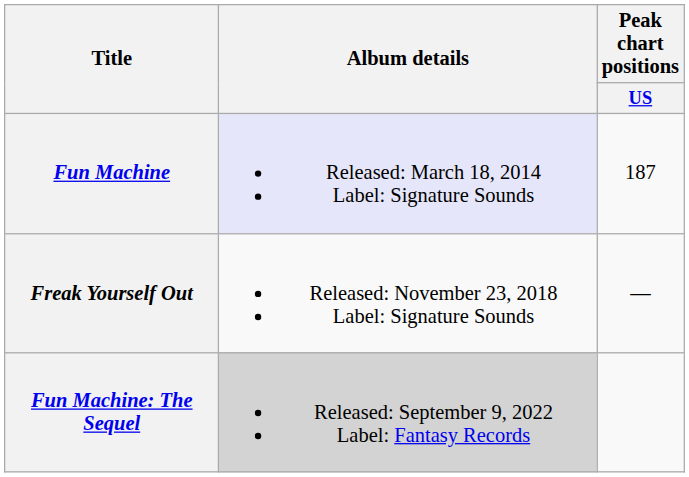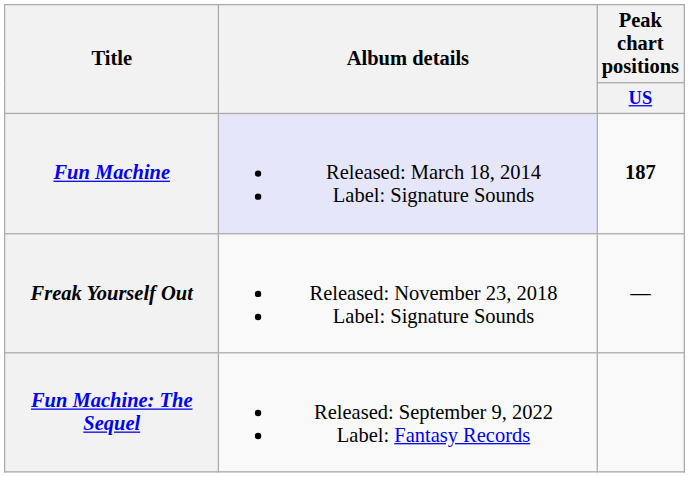 <table class="wikitable plainrowheaders" style="text-align:center;">
 <tr>
 <th scope="col" rowspan="2" style="width:10em;">Title</th>
 <th scope="col" rowspan="2" style="width:18em;">Album details</th>
 <th scope="col" colspan="1">Peak chart positions</th>
 </tr>
 <tr>
 <th scope="col" style="width:3em;font-size:90%;"><a href='#'>US</a><br></th>
 </tr>
 <tr>
 <th scope="row"><em><a href='#'>Fun Machine</a></em></th>
 <td style="background: lavender;"><br><ul><li>Released: March 18, 2014</li><li>Label: Signature Sounds</li></ul></td>
-<td>187</td>
+<td><strong>187</strong></td>
 </tr>
 <tr>
 <th scope="row"><em>Freak Yourself Out</em></th>
 <td><br><ul><li>Released: November 23, 2018</li><li>Label: Signature Sounds</li></ul></td>
 <td>—</td>
 </tr>
 <tr>
 <th scope="row"><em><a href='#'>Fun Machine: The Sequel</a></em></th>
-<td style="background: lightgrey;"><br><ul><li>Released: September 9, 2022</li><li>Label: <a href='#'>Fantasy Records</a></li></ul></td>
+<td><br><ul><li>Released: September 9, 2022</li><li>Label: <a href='#'>Fantasy Records</a></li></ul></td>
 <td></td>
 </tr>
 </table>
